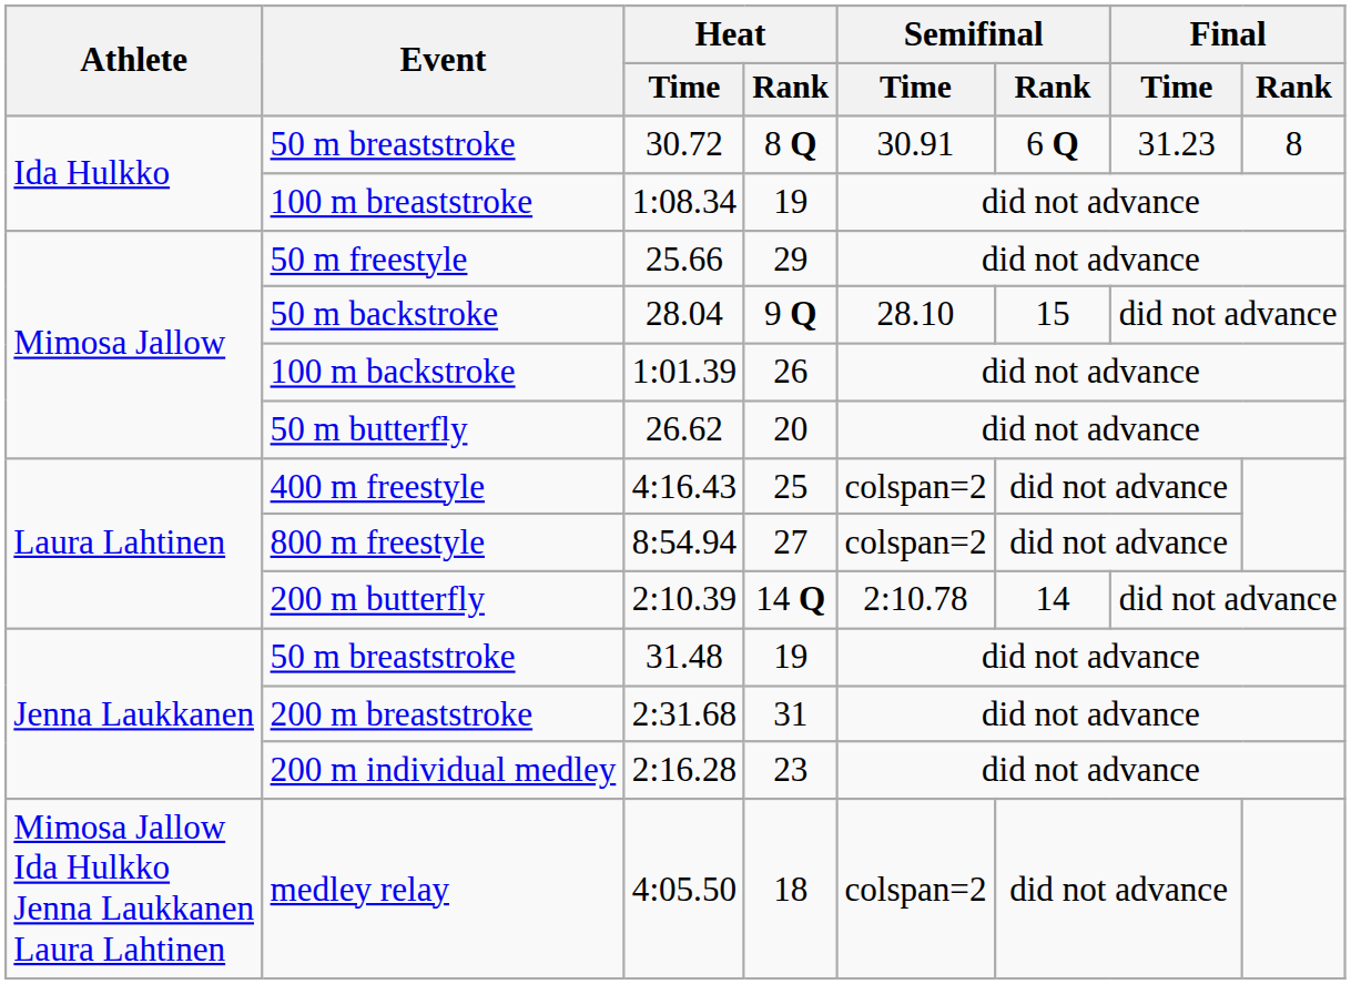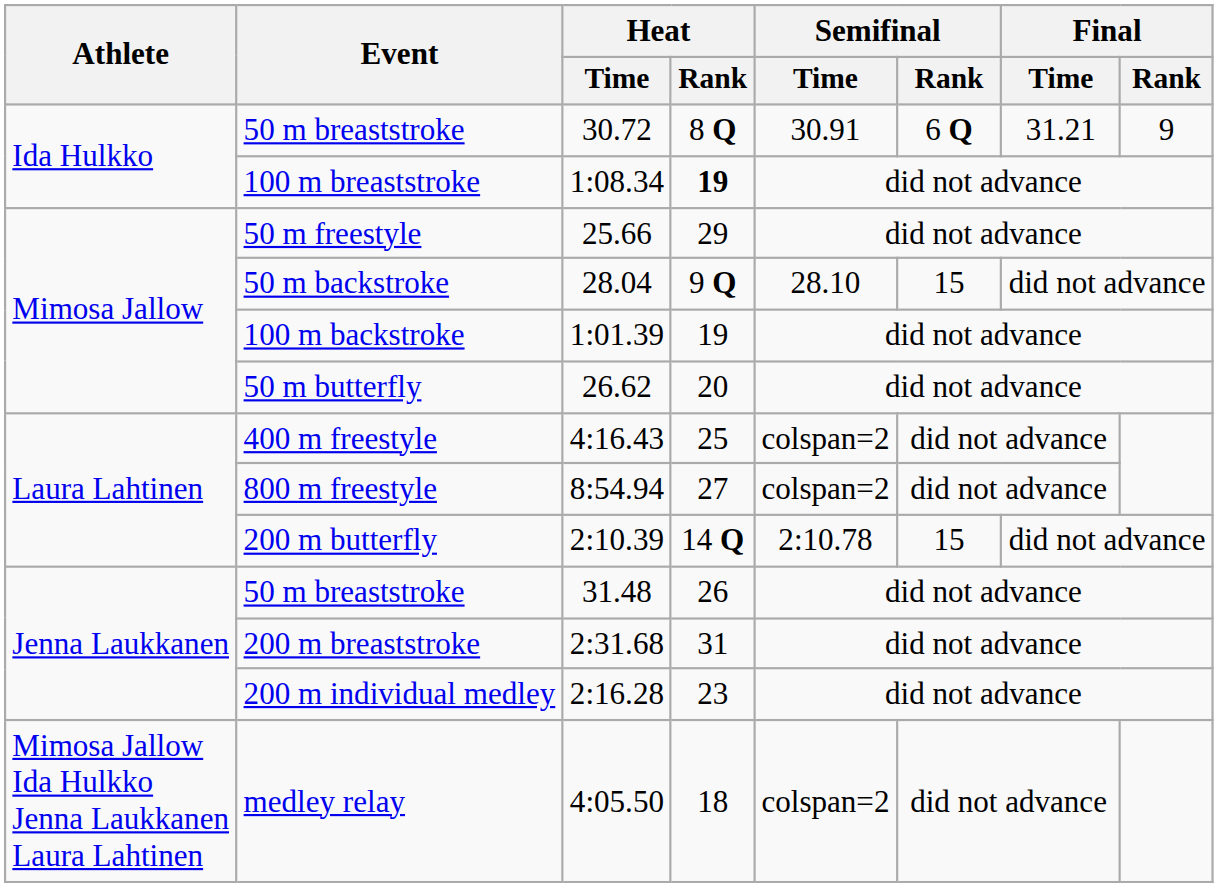 <table class="wikitable" style="text-align:center; font-size:90%">
 <tr>
 <th rowspan="2">Athlete</th>
 <th rowspan="2">Event</th>
 <th colspan="2">Heat</th>
 <th colspan="2">Semifinal</th>
 <th colspan="2">Final</th>
 </tr>
 <tr style="font-size:95%">
 <th>Time</th>
 <th>Rank</th>
 <th>Time</th>
 <th>Rank</th>
 <th>Time</th>
 <th>Rank</th>
 </tr>
 <tr>
 <td align=left rowspan=2><a href='#'>Ida Hulkko</a></td>
 <td align=left><a href='#'>50 m breaststroke</a></td>
 <td>30.72</td>
 <td>8 <strong>Q</strong></td>
 <td>30.91</td>
 <td>6 <strong>Q</strong></td>
-<td>31.23</td>
-<td>8</td>
+<td>31.21</td>
+<td>9</td>
 </tr>
 <tr>
 <td align=left><a href='#'>100 m breaststroke</a></td>
 <td>1:08.34</td>
-<td>19</td>
+<td><strong>19</strong></td>
 <td colspan=4>did not advance</td>
 </tr>
 <tr>
 <td align=left rowspan=4><a href='#'>Mimosa Jallow</a></td>
 <td align=left><a href='#'>50 m freestyle</a></td>
 <td>25.66</td>
 <td>29</td>
 <td colspan=4>did not advance</td>
 </tr>
 <tr>
 <td align=left><a href='#'>50 m backstroke</a></td>
 <td>28.04</td>
 <td>9 <strong>Q</strong></td>
 <td>28.10</td>
 <td>15</td>
 <td colspan=2>did not advance</td>
 </tr>
 <tr>
 <td align=left><a href='#'>100 m backstroke</a></td>
 <td>1:01.39</td>
-<td>26</td>
+<td>19</td>
 <td colspan=4>did not advance</td>
 </tr>
 <tr>
 <td align=left><a href='#'>50 m butterfly</a></td>
 <td>26.62</td>
 <td>20</td>
 <td colspan=4>did not advance</td>
 </tr>
 <tr>
 <td align=left rowspan=3><a href='#'>Laura Lahtinen</a></td>
 <td align=left><a href='#'>400 m freestyle</a></td>
 <td>4:16.43</td>
 <td>25</td>
 <td>colspan=2 </td>
 <td colspan=2>did not advance</td>
 </tr>
 <tr>
 <td align=left><a href='#'>800 m freestyle</a></td>
 <td>8:54.94</td>
 <td>27</td>
 <td>colspan=2 </td>
 <td colspan=2>did not advance</td>
 </tr>
 <tr>
 <td align=left><a href='#'>200 m butterfly</a></td>
 <td>2:10.39</td>
 <td>14 <strong>Q</strong></td>
 <td>2:10.78</td>
-<td>14</td>
+<td>15</td>
 <td colspan=2>did not advance</td>
 </tr>
 <tr>
 <td align=left rowspan=3><a href='#'>Jenna Laukkanen</a></td>
 <td align=left><a href='#'>50 m breaststroke</a></td>
 <td>31.48</td>
-<td>19</td>
+<td>26</td>
 <td colspan=4>did not advance</td>
 </tr>
 <tr>
 <td align=left><a href='#'>200 m breaststroke</a></td>
 <td>2:31.68</td>
 <td>31</td>
 <td colspan=4>did not advance</td>
 </tr>
 <tr>
 <td align=left><a href='#'>200 m individual medley</a></td>
 <td>2:16.28</td>
 <td>23</td>
 <td colspan=4>did not advance</td>
 </tr>
 <tr>
 <td align=left><a href='#'>Mimosa Jallow</a><br><a href='#'>Ida Hulkko</a><br><a href='#'>Jenna Laukkanen</a><br><a href='#'>Laura Lahtinen</a></td>
 <td align=left><a href='#'> medley relay</a></td>
 <td>4:05.50</td>
 <td>18</td>
 <td>colspan=2 </td>
 <td colspan=2>did not advance</td>
 </tr>
 </table>
